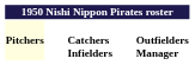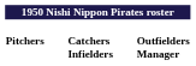 <table class="toccolours" style="font-size: 95%;">
 <tr>
 <th colspan="8" style="background-color:#1d184d; color:#FFFFFF; text-align: center;">1950 Nishi Nippon Pirates roster</th>
 </tr>
 <tr>
-<td style="background: lightyellow; vertical-align:top;"><br><strong>Pitchers</strong>          </td>
+<td style="vertical-align:top;"><br><strong>Pitchers</strong>          </td>
 <td width="25px"></td>
 <td style="vertical-align:top;"><br><strong>Catchers</strong>  <br><strong>Infielders</strong>        </td>
 <td width="25px"></td>
 <td style="vertical-align:top;"><br><strong>Outfielders</strong>       <br><strong>Manager</strong> </td>
 </tr>
 </table>
